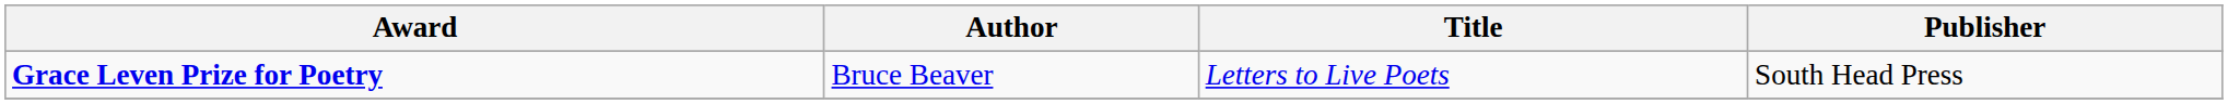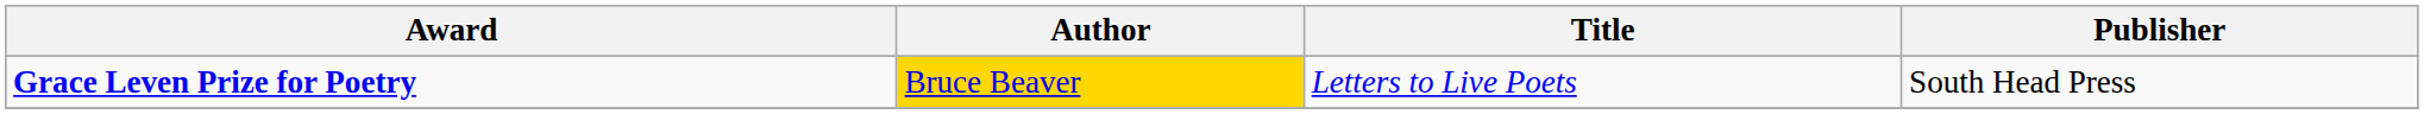 <table class="wikitable" width=95%>
 <tr>
 <th>Award</th>
 <th>Author</th>
 <th>Title</th>
 <th>Publisher</th>
 </tr>
 <tr>
 <td><strong><a href='#'>Grace Leven Prize for Poetry</a></strong></td>
-<td><a href='#'>Bruce Beaver</a></td>
+<td style="background: gold;"><a href='#'>Bruce Beaver</a></td>
 <td><em><a href='#'>Letters to Live Poets</a></em></td>
 <td>South Head Press</td>
 </tr>
 <tr>
 </tr>
 </table>
